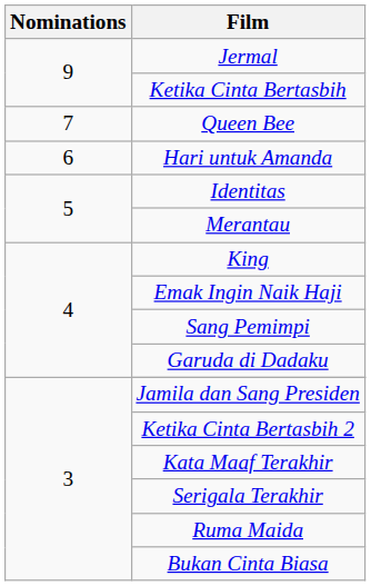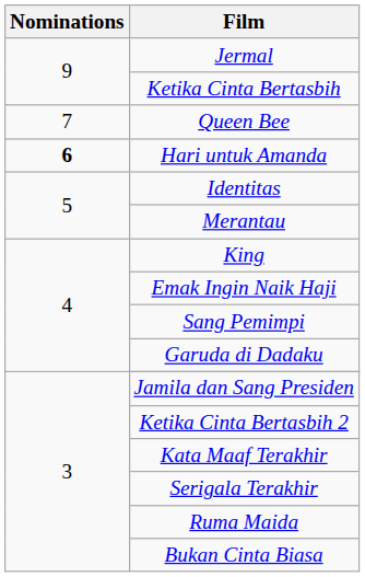 <table class="wikitable">
 <tr>
 <th>Nominations</th>
 <th>Film</th>
 </tr>
 <tr>
 <td style="text-align:center" rowspan= "2">9</td>
 <td style="text-align:center"><em><a href='#'>Jermal</a></em></td>
 </tr>
 <tr>
 <td style="text-align:center"><em><a href='#'>Ketika Cinta Bertasbih</a></em></td>
 </tr>
 <tr>
 <td style="text-align:center">7</td>
 <td style="text-align:center"><em><a href='#'>Queen Bee</a></em></td>
 </tr>
 <tr>
-<td style="text-align:center">6</td>
+<td style="text-align:center"><strong>6</strong></td>
 <td style="text-align:center"><em><a href='#'>Hari untuk Amanda</a></em></td>
 </tr>
 <tr>
 <td style="text-align:center" rowspan= "2">5</td>
 <td style="text-align:center"><em><a href='#'>Identitas</a></em></td>
 </tr>
 <tr>
 <td style="text-align:center"><em><a href='#'>Merantau</a></em></td>
 </tr>
 <tr>
 <td style="text-align:center" rowspan= "4">4</td>
 <td style="text-align:center"><em><a href='#'>King</a></em></td>
 </tr>
 <tr>
 <td style="text-align:center"><em><a href='#'>Emak Ingin Naik Haji</a></em></td>
 </tr>
 <tr>
 <td style="text-align:center"><em><a href='#'>Sang Pemimpi</a></em></td>
 </tr>
 <tr>
 <td style="text-align:center"><em><a href='#'>Garuda di Dadaku</a></em></td>
 </tr>
 <tr>
 <td style="text-align:center" rowspan= "7">3</td>
 </tr>
 <tr>
 <td style="text-align:center"><em><a href='#'>Jamila dan Sang Presiden</a></em></td>
 </tr>
 <tr>
 <td style="text-align:center"><em><a href='#'>Ketika Cinta Bertasbih 2</a></em></td>
 </tr>
 <tr>
 <td style="text-align:center"><em><a href='#'>Kata Maaf Terakhir</a></em></td>
 </tr>
 <tr>
 <td style="text-align:center"><em><a href='#'>Serigala Terakhir</a></em></td>
 </tr>
 <tr>
 <td style="text-align:center"><em><a href='#'>Ruma Maida</a></em></td>
 </tr>
 <tr>
 <td style="text-align:center"><em><a href='#'>Bukan Cinta Biasa</a></em></td>
 </tr>
 </table>
